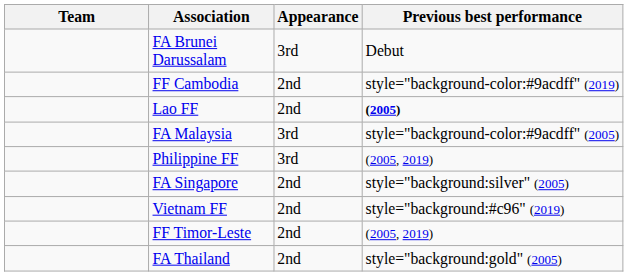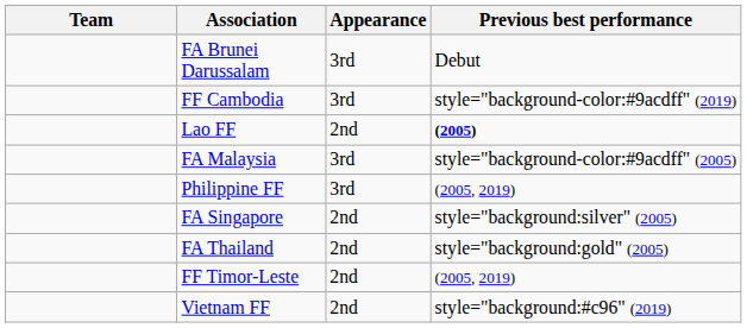 <table class="wikitable sortable">
 <tr>
 <th style="width:140px;">Team</th>
 <th style="width:120px;">Association</th>
 <th style="width:75px;">Appearance</th>
 <th>Previous best performance</th>
 </tr>
 <tr>
 <td></td>
 <td><a href='#'>FA Brunei Darussalam</a></td>
 <td>3rd</td>
 <td data-sort-value="0">Debut</td>
 </tr>
 <tr>
 <td></td>
 <td><a href='#'>FF Cambodia</a></td>
-<td>2nd</td>
+<td>3rd</td>
 <td>style="background-color:#9acdff"  <small>(<a href='#'>2019</a>)</small></td>
 </tr>
 <tr>
 <td></td>
 <td><a href='#'>Lao FF</a></td>
 <td>2nd</td>
 <td><strong> <small>(<a href='#'>2005</a>)</small></strong></td>
 </tr>
 <tr>
 <td></td>
 <td><a href='#'>FA Malaysia</a></td>
 <td>3rd</td>
 <td>style="background-color:#9acdff"  <small>(<a href='#'>2005</a>)</small></td>
 </tr>
 <tr>
 <td></td>
 <td><a href='#'>Philippine FF</a></td>
 <td>3rd</td>
 <td> <small>(<a href='#'>2005</a>, <a href='#'>2019</a>)</small></td>
 </tr>
 <tr>
 <td></td>
 <td><a href='#'>FA Singapore</a></td>
 <td>2nd</td>
 <td>style="background:silver"  <small>(<a href='#'>2005</a>)</small></td>
 </tr>
 <tr>
 <td></td>
-<td><a href='#'>Vietnam FF</a></td>
+<td><a href='#'>FA Thailand</a></td>
 <td>2nd</td>
-<td>style="background:#c96"  <small>(<a href='#'>2019</a>)</small></td>
+<td>style="background:gold"  <small>(<a href='#'>2005</a>)</small></td>
 </tr>
 <tr>
 <td></td>
 <td><a href='#'>FF Timor-Leste</a></td>
 <td>2nd</td>
 <td> <small>(<a href='#'>2005</a>, <a href='#'>2019</a>)</small></td>
 </tr>
 <tr>
 <td></td>
-<td><a href='#'>FA Thailand</a></td>
+<td><a href='#'>Vietnam FF</a></td>
 <td>2nd</td>
-<td>style="background:gold"  <small>(<a href='#'>2005</a>)</small></td>
+<td>style="background:#c96"  <small>(<a href='#'>2019</a>)</small></td>
 </tr>
 </table>
